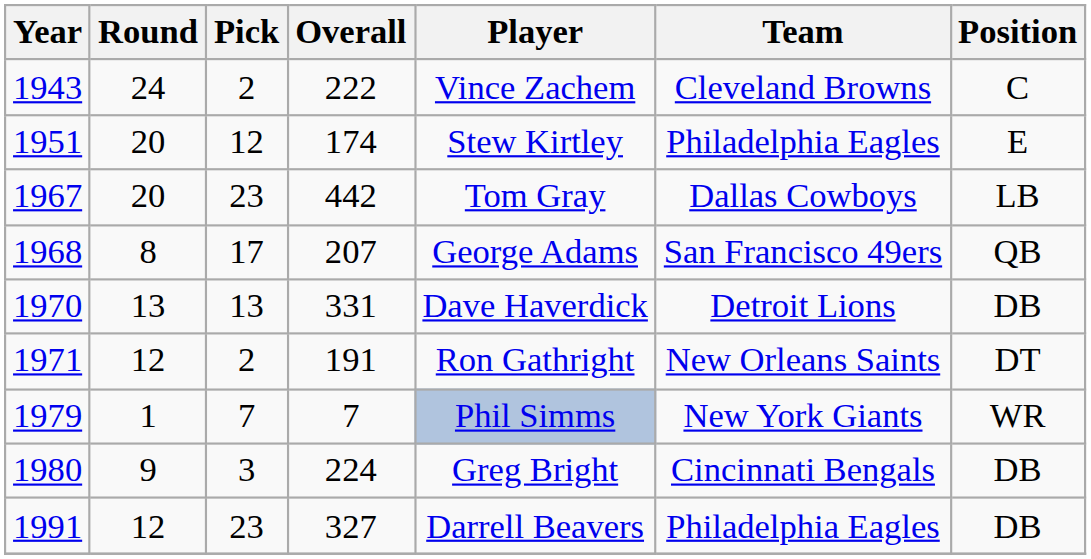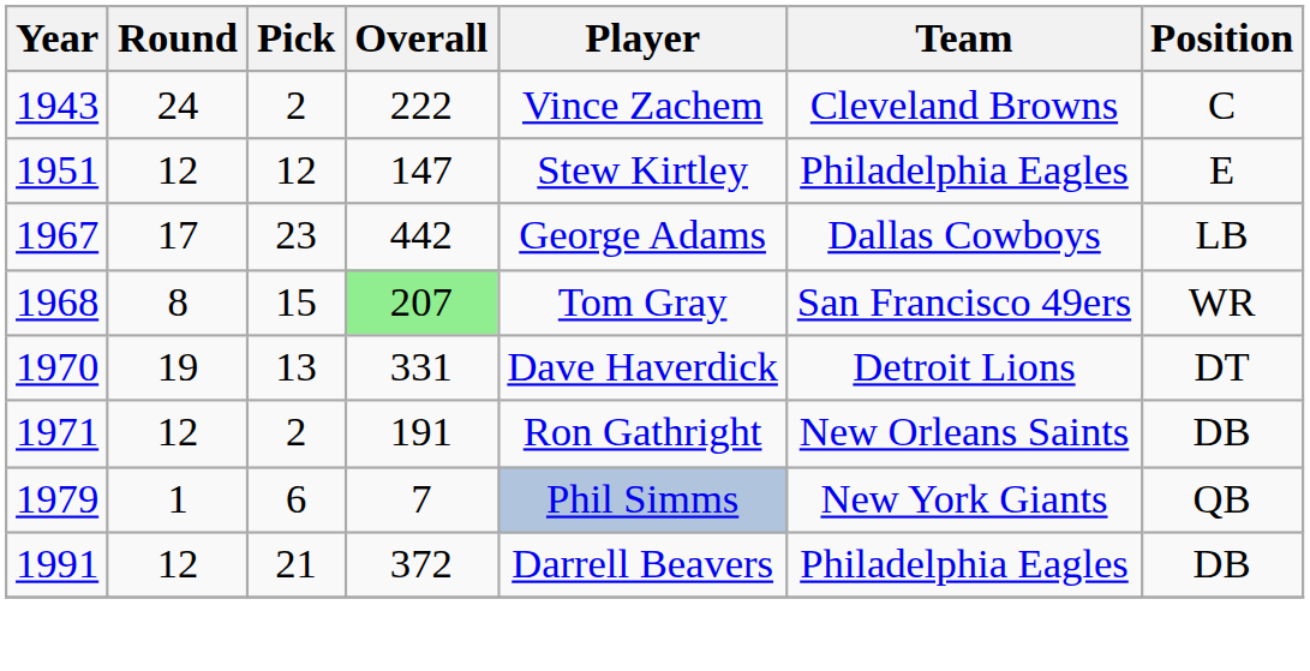 <table class="wikitable sortable" style="text-align: center;">
 <tr>
 <th>Year</th>
 <th>Round</th>
 <th>Pick</th>
 <th>Overall</th>
 <th>Player</th>
 <th>Team</th>
 <th>Position</th>
 </tr>
 <tr>
 <td><a href='#'>1943</a></td>
 <td>24</td>
 <td>2</td>
 <td>222</td>
 <td><a href='#'>Vince Zachem</a></td>
 <td><a href='#'>Cleveland Browns</a></td>
 <td>C</td>
 </tr>
 <tr>
 <td><a href='#'>1951</a></td>
-<td>20</td>
 <td>12</td>
-<td>174</td>
+<td>12</td>
+<td>147</td>
 <td><a href='#'>Stew Kirtley</a></td>
 <td><a href='#'>Philadelphia Eagles</a></td>
 <td>E</td>
 </tr>
 <tr>
 <td><a href='#'>1967</a></td>
-<td>20</td>
+<td>17</td>
 <td>23</td>
 <td>442</td>
-<td><a href='#'>Tom Gray</a></td>
+<td><a href='#'>George Adams</a></td>
 <td><a href='#'>Dallas Cowboys</a></td>
 <td>LB</td>
 </tr>
 <tr>
 <td><a href='#'>1968</a></td>
 <td>8</td>
-<td>17</td>
-<td>207</td>
-<td><a href='#'>George Adams</a></td>
+<td>15</td>
+<td style="background: lightgreen;">207</td>
+<td><a href='#'>Tom Gray</a></td>
 <td><a href='#'>San Francisco 49ers</a></td>
-<td>QB</td>
+<td>WR</td>
 </tr>
 <tr>
 <td><a href='#'>1970</a></td>
-<td>13</td>
+<td>19</td>
 <td>13</td>
 <td>331</td>
 <td><a href='#'>Dave Haverdick</a></td>
 <td><a href='#'>Detroit Lions</a></td>
-<td>DB</td>
+<td>DT</td>
 </tr>
 <tr>
 <td><a href='#'>1971</a></td>
 <td>12</td>
 <td>2</td>
 <td>191</td>
 <td><a href='#'>Ron Gathright</a></td>
 <td><a href='#'>New Orleans Saints</a></td>
-<td>DT</td>
+<td>DB</td>
 </tr>
 <tr>
 <td><a href='#'>1979</a></td>
 <td>1</td>
-<td>7</td>
+<td>6</td>
 <td>7</td>
 <td style="background-color:lightsteelblue;"><a href='#'>Phil Simms</a></td>
 <td><a href='#'>New York Giants</a></td>
-<td>WR</td>
-</tr>
-<tr>
-<td><a href='#'>1980</a></td>
-<td>9</td>
-<td>3</td>
-<td>224</td>
-<td><a href='#'>Greg Bright</a></td>
-<td><a href='#'>Cincinnati Bengals</a></td>
-<td>DB</td>
+<td>QB</td>
 </tr>
 <tr>
 <td><a href='#'>1991</a></td>
 <td>12</td>
-<td>23</td>
-<td>327</td>
+<td>21</td>
+<td>372</td>
 <td><a href='#'>Darrell Beavers</a></td>
 <td><a href='#'>Philadelphia Eagles</a></td>
 <td>DB</td>
 </tr>
 <tr>
 </tr>
 </table>
